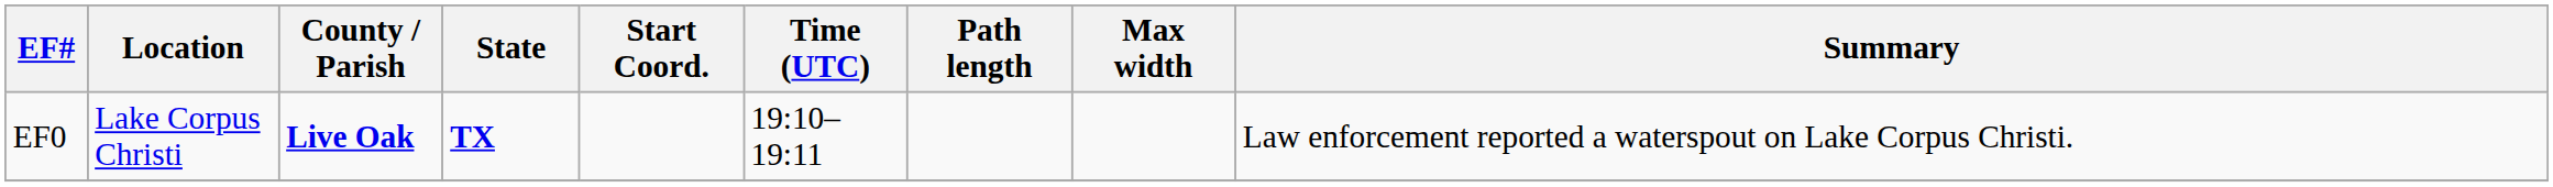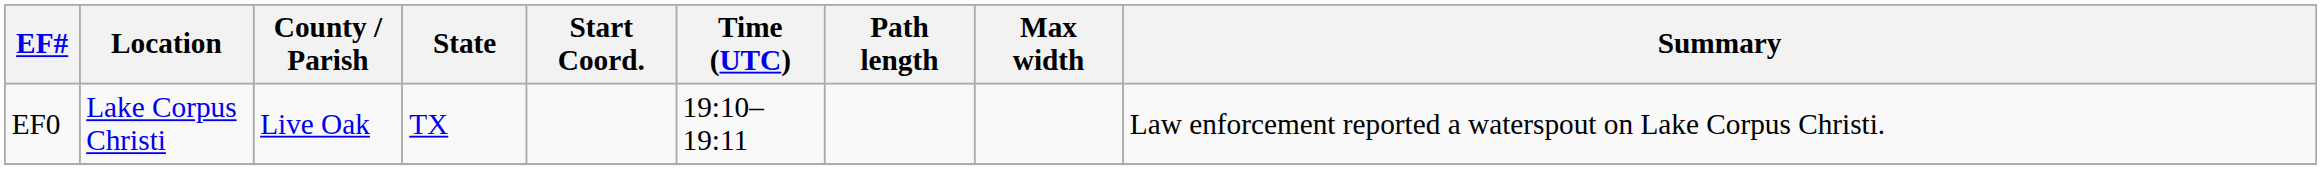 <table class="wikitable sortable" style="width:100%;">
 <tr>
 <th scope="col"  style="width:3%; text-align:center;"><a href='#'>EF#</a></th>
 <th scope="col"  style="width:7%; text-align:center;" class="unsortable">Location</th>
 <th scope="col"  style="width:6%; text-align:center;" class="unsortable">County / Parish</th>
 <th scope="col"  style="width:5%; text-align:center;">State</th>
 <th scope="col"  style="width:6%; text-align:center;">Start Coord.</th>
 <th scope="col"  style="width:6%; text-align:center;">Time (<a href='#'>UTC</a>)</th>
 <th scope="col"  style="width:6%; text-align:center;">Path length</th>
 <th scope="col"  style="width:6%; text-align:center;">Max width</th>
 <th scope="col" class="unsortable" style="width:48%; text-align:center;">Summary</th>
 </tr>
 <tr>
 <td>EF0</td>
 <td><a href='#'>Lake Corpus Christi</a></td>
-<td><strong><a href='#'>Live Oak</a></strong></td>
-<td><strong><a href='#'>TX</a></strong></td>
+<td><a href='#'>Live Oak</a></td>
+<td><a href='#'>TX</a></td>
 <td></td>
 <td>19:10–19:11</td>
 <td></td>
 <td></td>
 <td>Law enforcement reported a waterspout on Lake Corpus Christi.</td>
 </tr>
 <tr>
 </tr>
 </table>
